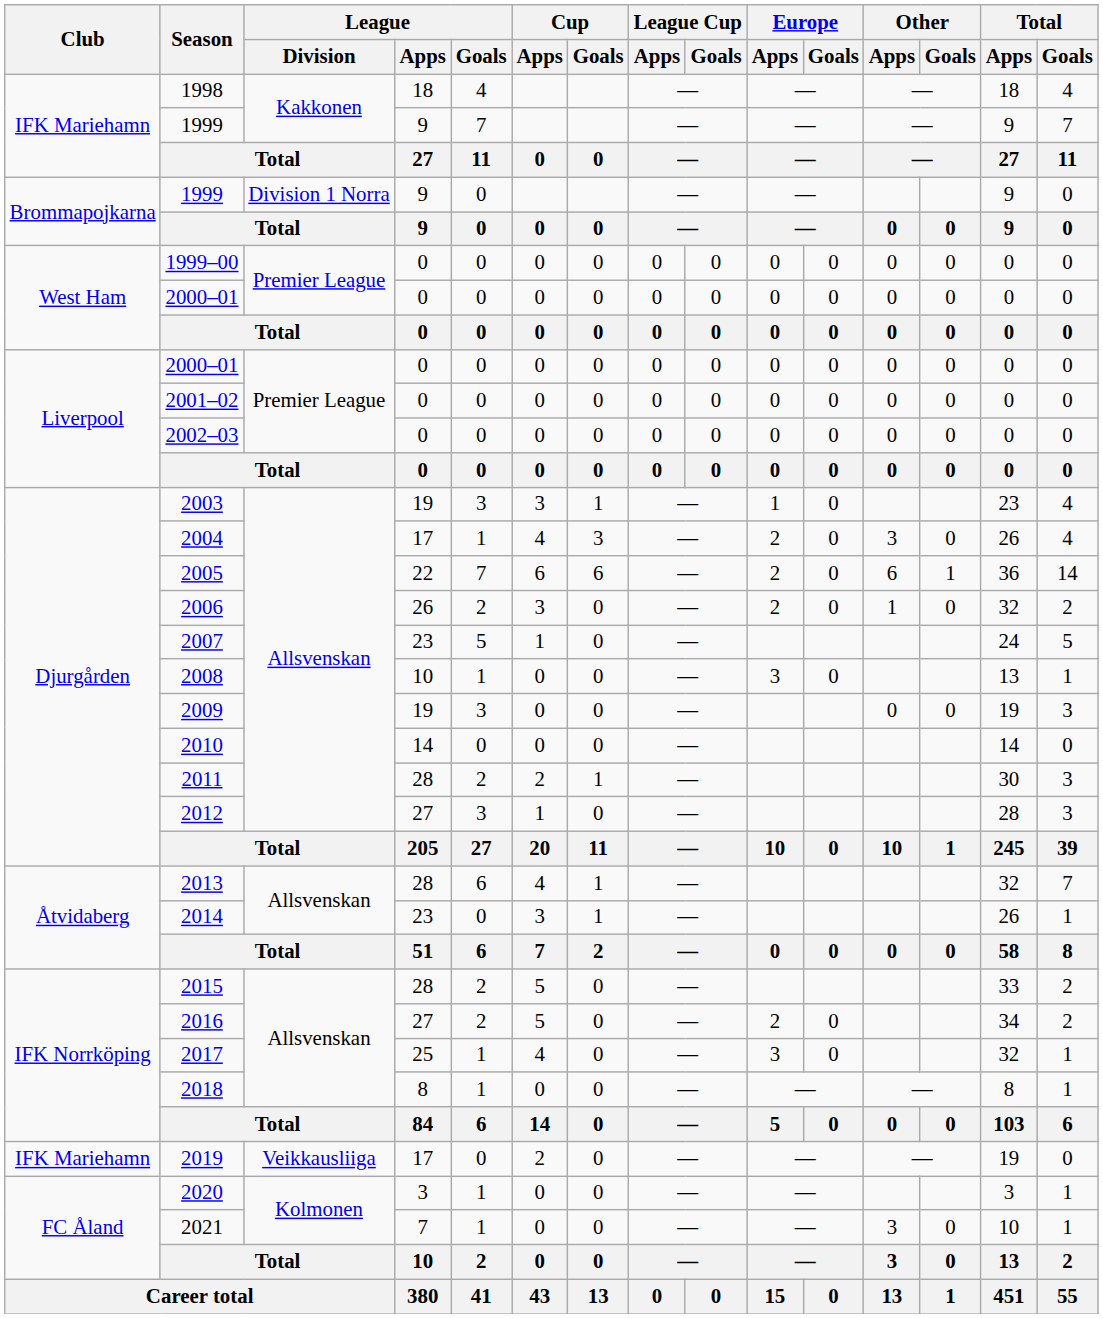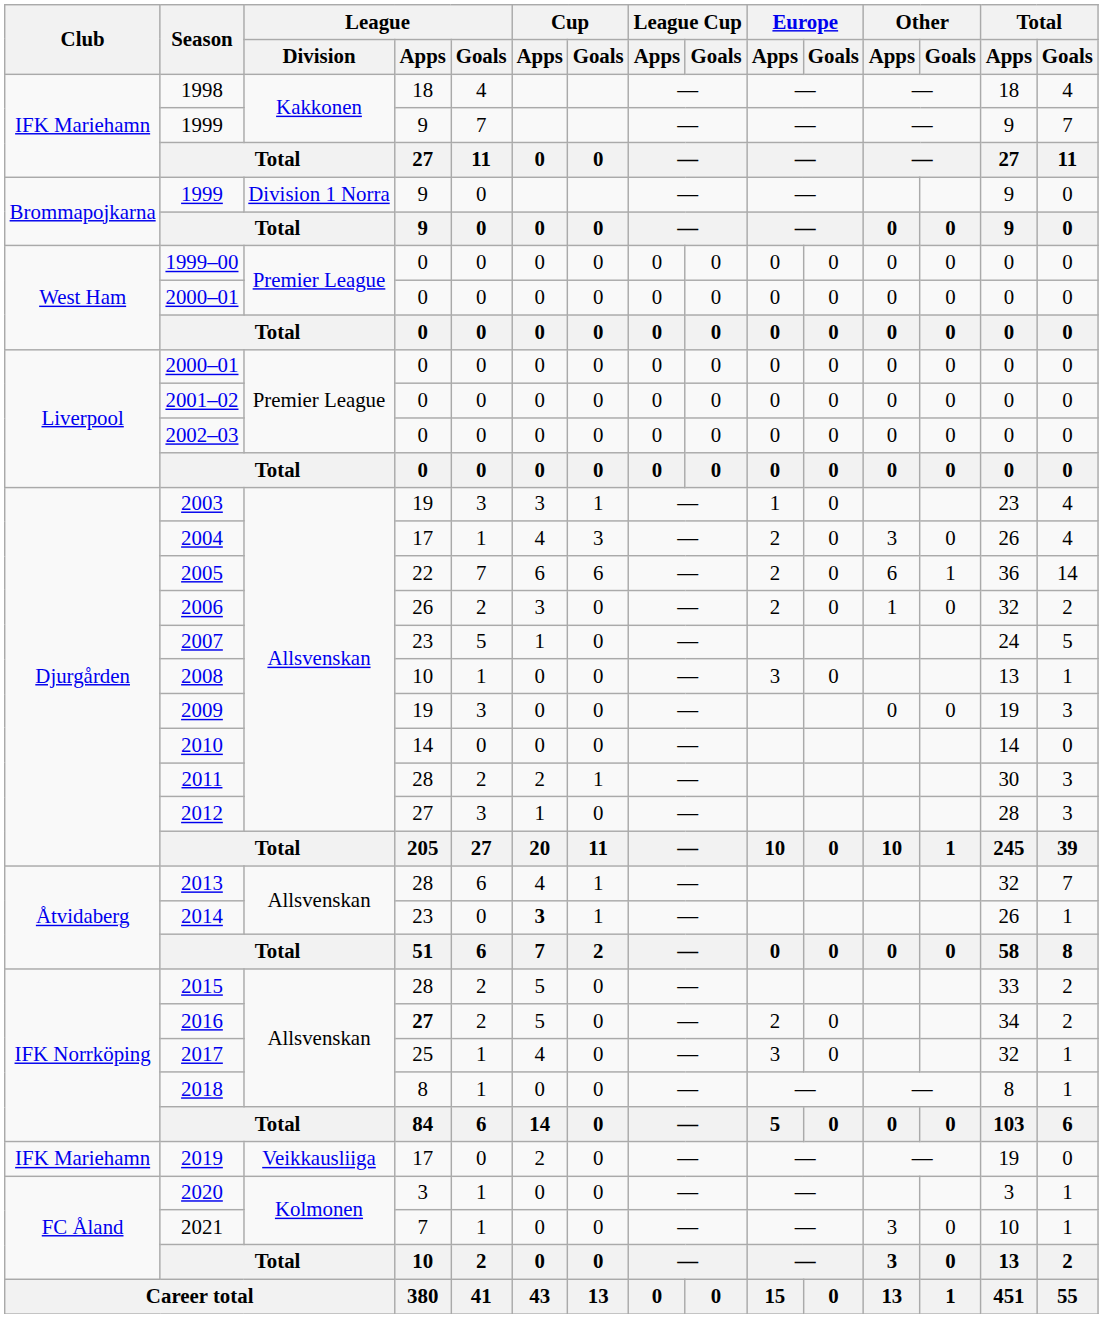 <table class="wikitable" style="font-size:90%; text-align:center">
 <tr>
 <th rowspan="2">Club</th>
 <th rowspan="2">Season</th>
 <th colspan="3">League</th>
 <th colspan="2">Cup</th>
 <th colspan="2">League Cup</th>
 <th colspan="2"><a href='#'>Europe</a></th>
 <th colspan="2">Other</th>
 <th colspan="2">Total</th>
 </tr>
 <tr>
 <th>Division</th>
 <th>Apps</th>
 <th>Goals</th>
 <th>Apps</th>
 <th>Goals</th>
 <th>Apps</th>
 <th>Goals</th>
 <th>Apps</th>
 <th>Goals</th>
 <th>Apps</th>
 <th>Goals</th>
 <th>Apps</th>
 <th>Goals</th>
 </tr>
 <tr>
 <td rowspan="3"><a href='#'>IFK Mariehamn</a></td>
 <td>1998</td>
 <td rowspan="2"><a href='#'>Kakkonen</a></td>
 <td>18</td>
 <td>4</td>
 <td></td>
 <td></td>
 <td colspan="2">—</td>
 <td colspan="2">—</td>
 <td colspan="2">—</td>
 <td>18</td>
 <td>4</td>
 </tr>
 <tr>
 <td>1999</td>
 <td>9</td>
 <td>7</td>
 <td></td>
 <td></td>
 <td colspan="2">—</td>
 <td colspan="2">—</td>
 <td colspan="2">—</td>
 <td>9</td>
 <td>7</td>
 </tr>
 <tr>
 <th colspan="2">Total</th>
 <th>27</th>
 <th>11</th>
 <th>0</th>
 <th>0</th>
 <th colspan="2">—</th>
 <th colspan="2">—</th>
 <th colspan="2">—</th>
 <th>27</th>
 <th>11</th>
 </tr>
 <tr>
 <td rowspan="2"><a href='#'>Brommapojkarna</a></td>
 <td><a href='#'>1999</a></td>
 <td><a href='#'>Division 1 Norra</a></td>
 <td>9</td>
 <td>0</td>
 <td></td>
 <td></td>
 <td colspan="2">—</td>
 <td colspan="2">—</td>
 <td></td>
 <td></td>
 <td>9</td>
 <td>0</td>
 </tr>
 <tr>
 <th colspan="2">Total</th>
 <th>9</th>
 <th>0</th>
 <th>0</th>
 <th>0</th>
 <th colspan="2">—</th>
 <th colspan="2">—</th>
 <th>0</th>
 <th>0</th>
 <th>9</th>
 <th>0</th>
 </tr>
 <tr>
 <td rowspan="3"><a href='#'>West Ham</a></td>
 <td><a href='#'>1999–00</a></td>
 <td rowspan="2"><a href='#'>Premier League</a></td>
 <td>0</td>
 <td>0</td>
 <td>0</td>
 <td>0</td>
 <td>0</td>
 <td>0</td>
 <td>0</td>
 <td>0</td>
 <td>0</td>
 <td>0</td>
 <td>0</td>
 <td>0</td>
 </tr>
 <tr>
 <td><a href='#'>2000–01</a></td>
 <td>0</td>
 <td>0</td>
 <td>0</td>
 <td>0</td>
 <td>0</td>
 <td>0</td>
 <td>0</td>
 <td>0</td>
 <td>0</td>
 <td>0</td>
 <td>0</td>
 <td>0</td>
 </tr>
 <tr>
 <th colspan="2">Total</th>
 <th>0</th>
 <th>0</th>
 <th>0</th>
 <th>0</th>
 <th>0</th>
 <th>0</th>
 <th>0</th>
 <th>0</th>
 <th>0</th>
 <th>0</th>
 <th>0</th>
 <th>0</th>
 </tr>
 <tr>
 <td rowspan="4"><a href='#'>Liverpool</a></td>
 <td><a href='#'>2000–01</a></td>
 <td rowspan="3">Premier League</td>
 <td>0</td>
 <td>0</td>
 <td>0</td>
 <td>0</td>
 <td>0</td>
 <td>0</td>
 <td>0</td>
 <td>0</td>
 <td>0</td>
 <td>0</td>
 <td>0</td>
 <td>0</td>
 </tr>
 <tr>
 <td><a href='#'>2001–02</a></td>
 <td>0</td>
 <td>0</td>
 <td>0</td>
 <td>0</td>
 <td>0</td>
 <td>0</td>
 <td>0</td>
 <td>0</td>
 <td>0</td>
 <td>0</td>
 <td>0</td>
 <td>0</td>
 </tr>
 <tr>
 <td><a href='#'>2002–03</a></td>
 <td>0</td>
 <td>0</td>
 <td>0</td>
 <td>0</td>
 <td>0</td>
 <td>0</td>
 <td>0</td>
 <td>0</td>
 <td>0</td>
 <td>0</td>
 <td>0</td>
 <td>0</td>
 </tr>
 <tr>
 <th colspan="2">Total</th>
 <th>0</th>
 <th>0</th>
 <th>0</th>
 <th>0</th>
 <th>0</th>
 <th>0</th>
 <th>0</th>
 <th>0</th>
 <th>0</th>
 <th>0</th>
 <th>0</th>
 <th>0</th>
 </tr>
 <tr>
 <td rowspan="11"><a href='#'>Djurgården</a></td>
 <td><a href='#'>2003</a></td>
 <td rowspan="10"><a href='#'>Allsvenskan</a></td>
 <td>19</td>
 <td>3</td>
 <td>3</td>
 <td>1</td>
 <td colspan="2">—</td>
 <td>1</td>
 <td>0</td>
 <td></td>
 <td></td>
 <td>23</td>
 <td>4</td>
 </tr>
 <tr>
 <td><a href='#'>2004</a></td>
 <td>17</td>
 <td>1</td>
 <td>4</td>
 <td>3</td>
 <td colspan="2">—</td>
 <td>2</td>
 <td>0</td>
 <td>3</td>
 <td>0</td>
 <td>26</td>
 <td>4</td>
 </tr>
 <tr>
 <td><a href='#'>2005</a></td>
 <td>22</td>
 <td>7</td>
 <td>6</td>
 <td>6</td>
 <td colspan="2">—</td>
 <td>2</td>
 <td>0</td>
 <td>6</td>
 <td>1</td>
 <td>36</td>
 <td>14</td>
 </tr>
 <tr>
 <td><a href='#'>2006</a></td>
 <td>26</td>
 <td>2</td>
 <td>3</td>
 <td>0</td>
 <td colspan="2">—</td>
 <td>2</td>
 <td>0</td>
 <td>1</td>
 <td>0</td>
 <td>32</td>
 <td>2</td>
 </tr>
 <tr>
 <td><a href='#'>2007</a></td>
 <td>23</td>
 <td>5</td>
 <td>1</td>
 <td>0</td>
 <td colspan="2">—</td>
 <td></td>
 <td></td>
 <td></td>
 <td></td>
 <td>24</td>
 <td>5</td>
 </tr>
 <tr>
 <td><a href='#'>2008</a></td>
 <td>10</td>
 <td>1</td>
 <td>0</td>
 <td>0</td>
 <td colspan="2">—</td>
 <td>3</td>
 <td>0</td>
 <td></td>
 <td></td>
 <td>13</td>
 <td>1</td>
 </tr>
 <tr>
 <td><a href='#'>2009</a></td>
 <td>19</td>
 <td>3</td>
 <td>0</td>
 <td>0</td>
 <td colspan="2">—</td>
 <td></td>
 <td></td>
 <td>0</td>
 <td>0</td>
 <td>19</td>
 <td>3</td>
 </tr>
 <tr>
 <td><a href='#'>2010</a></td>
 <td>14</td>
 <td>0</td>
 <td>0</td>
 <td>0</td>
 <td colspan="2">—</td>
 <td></td>
 <td></td>
 <td></td>
 <td></td>
 <td>14</td>
 <td>0</td>
 </tr>
 <tr>
 <td><a href='#'>2011</a></td>
 <td>28</td>
 <td>2</td>
 <td>2</td>
 <td>1</td>
 <td colspan="2">—</td>
 <td></td>
 <td></td>
 <td></td>
 <td></td>
 <td>30</td>
 <td>3</td>
 </tr>
 <tr>
 <td><a href='#'>2012</a></td>
 <td>27</td>
 <td>3</td>
 <td>1</td>
 <td>0</td>
 <td colspan="2">—</td>
 <td></td>
 <td></td>
 <td></td>
 <td></td>
 <td>28</td>
 <td>3</td>
 </tr>
 <tr>
 <th colspan="2">Total</th>
 <th>205</th>
 <th>27</th>
 <th>20</th>
 <th>11</th>
 <th colspan="2">—</th>
 <th>10</th>
 <th>0</th>
 <th>10</th>
 <th>1</th>
 <th>245</th>
 <th>39</th>
 </tr>
 <tr>
 <td rowspan="3"><a href='#'>Åtvidaberg</a></td>
 <td><a href='#'>2013</a></td>
 <td rowspan="2">Allsvenskan</td>
 <td>28</td>
 <td>6</td>
 <td>4</td>
 <td>1</td>
 <td colspan="2">—</td>
 <td></td>
 <td></td>
 <td></td>
 <td></td>
 <td>32</td>
 <td>7</td>
 </tr>
 <tr>
 <td><a href='#'>2014</a></td>
 <td>23</td>
 <td>0</td>
-<td>3</td>
+<td><strong>3</strong></td>
 <td>1</td>
 <td colspan="2">—</td>
 <td></td>
 <td></td>
 <td></td>
 <td></td>
 <td>26</td>
 <td>1</td>
 </tr>
 <tr>
 <th colspan="2">Total</th>
 <th>51</th>
 <th>6</th>
 <th>7</th>
 <th>2</th>
 <th colspan="2">—</th>
 <th>0</th>
 <th>0</th>
 <th>0</th>
 <th>0</th>
 <th>58</th>
 <th>8</th>
 </tr>
 <tr>
 <td rowspan="5"><a href='#'>IFK Norrköping</a></td>
 <td><a href='#'>2015</a></td>
 <td rowspan="4">Allsvenskan</td>
 <td>28</td>
 <td>2</td>
 <td>5</td>
 <td>0</td>
 <td colspan="2">—</td>
 <td></td>
 <td></td>
 <td></td>
 <td></td>
 <td>33</td>
 <td>2</td>
 </tr>
 <tr>
 <td><a href='#'>2016</a></td>
-<td>27</td>
+<td><strong>27</strong></td>
 <td>2</td>
 <td>5</td>
 <td>0</td>
 <td colspan="2">—</td>
 <td>2</td>
 <td>0</td>
 <td></td>
 <td></td>
 <td>34</td>
 <td>2</td>
 </tr>
 <tr>
 <td><a href='#'>2017</a></td>
 <td>25</td>
 <td>1</td>
 <td>4</td>
 <td>0</td>
 <td colspan="2">—</td>
 <td>3</td>
 <td>0</td>
 <td></td>
 <td></td>
 <td>32</td>
 <td>1</td>
 </tr>
 <tr>
 <td><a href='#'>2018</a></td>
 <td>8</td>
 <td>1</td>
 <td>0</td>
 <td>0</td>
 <td colspan="2">—</td>
 <td colspan="2">—</td>
 <td colspan="2">—</td>
 <td>8</td>
 <td>1</td>
 </tr>
 <tr>
 <th colspan="2">Total</th>
 <th>84</th>
 <th>6</th>
 <th>14</th>
 <th>0</th>
 <th colspan="2">—</th>
 <th>5</th>
 <th>0</th>
 <th>0</th>
 <th>0</th>
 <th>103</th>
 <th>6</th>
 </tr>
 <tr>
 <td><a href='#'>IFK Mariehamn</a></td>
 <td><a href='#'>2019</a></td>
 <td><a href='#'>Veikkausliiga</a></td>
 <td>17</td>
 <td>0</td>
 <td>2</td>
 <td>0</td>
 <td colspan="2">—</td>
 <td colspan="2">—</td>
 <td colspan="2">—</td>
 <td>19</td>
 <td>0</td>
 </tr>
 <tr>
 <td rowspan="3"><a href='#'>FC Åland</a></td>
 <td><a href='#'>2020</a></td>
 <td rowspan="2"><a href='#'>Kolmonen</a></td>
 <td>3</td>
 <td>1</td>
 <td>0</td>
 <td>0</td>
 <td colspan="2">—</td>
 <td colspan="2">—</td>
 <td></td>
 <td></td>
 <td>3</td>
 <td>1</td>
 </tr>
 <tr>
 <td>2021</td>
 <td>7</td>
 <td>1</td>
 <td>0</td>
 <td>0</td>
 <td colspan="2">—</td>
 <td colspan="2">—</td>
 <td>3</td>
 <td>0</td>
 <td>10</td>
 <td>1</td>
 </tr>
 <tr>
 <th colspan="2">Total</th>
 <th>10</th>
 <th>2</th>
 <th>0</th>
 <th>0</th>
 <th colspan="2">—</th>
 <th colspan="2">—</th>
 <th>3</th>
 <th>0</th>
 <th>13</th>
 <th>2</th>
 </tr>
 <tr>
 <th colspan="3">Career total</th>
 <th>380</th>
 <th>41</th>
 <th>43</th>
 <th>13</th>
 <th>0</th>
 <th>0</th>
 <th>15</th>
 <th>0</th>
 <th>13</th>
 <th>1</th>
 <th>451</th>
 <th>55</th>
 </tr>
 </table>
